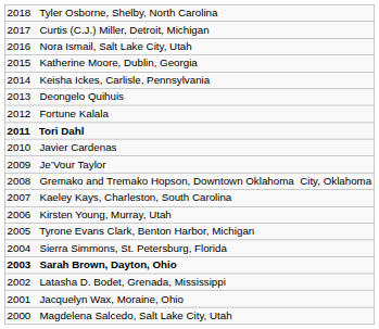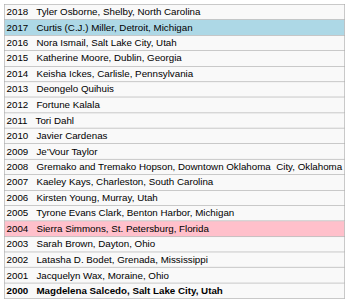 <table class="wikitable">
 <tr>
 <td>2018   Tyler Osborne, Shelby, North Carolina</td>
 </tr>
 <tr>
-<td>2017   Curtis (C.J.) Miller, Detroit, Michigan</td>
+<td style="background: lightblue;">2017   Curtis (C.J.) Miller, Detroit, Michigan</td>
 </tr>
 <tr>
 <td>2016   Nora Ismail, Salt Lake City, Utah</td>
 </tr>
 <tr>
 <td>2015   Katherine Moore, Dublin, Georgia</td>
 </tr>
 <tr>
 <td>2014   Keisha Ickes, Carlisle, Pennsylvania</td>
 </tr>
 <tr>
 <td>2013   Deongelo Quihuis</td>
 </tr>
 <tr>
 <td>2012   Fortune Kalala</td>
 </tr>
 <tr>
-<td><strong>2011   Tori Dahl</strong></td>
+<td>2011   Tori Dahl</td>
 </tr>
 <tr>
 <td>2010   Javier Cardenas</td>
 </tr>
 <tr>
 <td>2009   Je’Vour Taylor</td>
 </tr>
 <tr>
 <td>2008   Gremako and Tremako Hopson, Downtown Oklahoma  City, Oklahoma</td>
 </tr>
 <tr>
 <td>2007   Kaeley Kays, Charleston, South Carolina</td>
 </tr>
 <tr>
 <td>2006   Kirsten Young, Murray, Utah</td>
 </tr>
 <tr>
 <td>2005   Tyrone Evans Clark, Benton Harbor, Michigan</td>
 </tr>
 <tr>
-<td>2004   Sierra Simmons, St. Petersburg, Florida</td>
+<td style="background: pink;">2004   Sierra Simmons, St. Petersburg, Florida</td>
 </tr>
 <tr>
-<td><strong>2003   Sarah Brown, Dayton, Ohio</strong></td>
+<td>2003   Sarah Brown, Dayton, Ohio</td>
 </tr>
 <tr>
 <td>2002   Latasha D. Bodet, Grenada, Mississippi</td>
 </tr>
 <tr>
 <td>2001   Jacquelyn Wax, Moraine, Ohio</td>
 </tr>
 <tr>
-<td>2000   Magdelena Salcedo, Salt Lake City, Utah</td>
+<td><strong>2000   Magdelena Salcedo, Salt Lake City, Utah</strong></td>
 </tr>
 </table>
